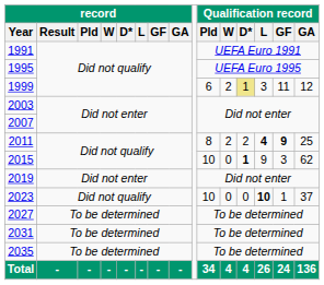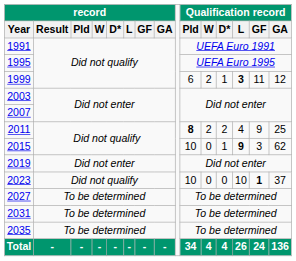 <table class="wikitable" style="text-align:center">
 <tr>
 <th style="color:white; background-color:#00966E" colspan=8><a href='#'></a> record</th>
 <td rowspan=100></td>
 <th style="color:white; background-color:#00966E" colspan=6>Qualification record</th>
 </tr>
 <tr>
 <th>Year</th>
 <th>Result</th>
 <th>Pld</th>
 <th>W</th>
 <th>D*</th>
 <th>L</th>
 <th>GF</th>
 <th>GA</th>
 <th>Pld</th>
 <th>W</th>
 <th>D*</th>
 <th>L</th>
 <th>GF</th>
 <th>GA</th>
 </tr>
 <tr>
 <td> <a href='#'>1991</a></td>
 <td colspan=7 rowspan=3><em>Did not qualify</em></td>
 <td colspan=6><em><a href='#'>UEFA Euro 1991</a></em></td>
 </tr>
 <tr>
 <td> <a href='#'>1995</a></td>
 <td colspan=6><em><a href='#'>UEFA Euro 1995</a></em></td>
 </tr>
 <tr>
 <td> <a href='#'>1999</a></td>
 <td>6</td>
 <td>2</td>
-<td style="background: khaki;">1</td>
-<td>3</td>
+<td>1</td>
+<td><strong>3</strong></td>
 <td>11</td>
 <td>12</td>
 </tr>
 <tr>
 <td> <a href='#'>2003</a></td>
 <td colspan=7 rowspan=2><em>Did not enter</em></td>
 <td colspan=6 rowspan=2><em>Did not enter</em></td>
 </tr>
 <tr>
 <td> <a href='#'>2007</a></td>
 </tr>
 <tr>
 <td> <a href='#'>2011</a></td>
 <td colspan=8 rowspan=2><em>Did not qualify</em></td>
-<td>8</td>
+<td><strong>8</strong></td>
 <td>2</td>
 <td>2</td>
-<td><strong>4</strong></td>
-<td><strong>9</strong></td>
+<td>4</td>
+<td>9</td>
 <td>25</td>
 </tr>
 <tr>
 <td> <a href='#'>2015</a></td>
 <td>10</td>
 <td>0</td>
-<td><strong>1</strong></td>
-<td>9</td>
+<td>1</td>
+<td><strong>9</strong></td>
 <td>3</td>
 <td>62</td>
 </tr>
 <tr>
 <td> <a href='#'>2019</a></td>
 <td colspan=7><em>Did not enter</em></td>
 <td colspan=6><em>Did not enter</em></td>
 </tr>
 <tr>
 <td> <a href='#'>2023</a></td>
 <td colspan=7><em>Did not qualify</em></td>
 <td>10</td>
 <td>0</td>
 <td>0</td>
-<td><strong>10</strong></td>
-<td>1</td>
+<td>10</td>
+<td><strong>1</strong></td>
 <td>37</td>
 </tr>
 <tr>
 <td> <a href='#'>2027</a></td>
 <td colspan=7><em>To be determined</em></td>
 <td colspan=6><em>To be determined</em></td>
 </tr>
 <tr>
 <td> <a href='#'>2031</a></td>
 <td colspan=7><em>To be determined</em></td>
 <td colspan=6><em>To be determined</em></td>
 </tr>
 <tr>
 <td> <a href='#'>2035</a></td>
 <td colspan=7><em>To be determined</em></td>
 <td colspan=6><em>To be determined</em></td>
 </tr>
 <tr>
 <th style="color:white; background-color:#00966E">Total</th>
 <th style="color:white; background-color:#00966E">-</th>
 <th style="color:white; background-color:#00966E">-</th>
 <th style="color:white; background-color:#00966E">-</th>
 <th style="color:white; background-color:#00966E">-</th>
 <th style="color:white; background-color:#00966E">-</th>
 <th style="color:white; background-color:#00966E">-</th>
 <th style="color:white; background-color:#00966E">-</th>
 <th style="color:white; background-color:#00966E">34</th>
 <th style="color:white; background-color:#00966E">4</th>
 <th style="color:white; background-color:#00966E">4</th>
 <th style="color:white; background-color:#00966E">26</th>
 <th style="color:white; background-color:#00966E">24</th>
 <th style="color:white; background-color:#00966E">136</th>
 </tr>
 </table>
